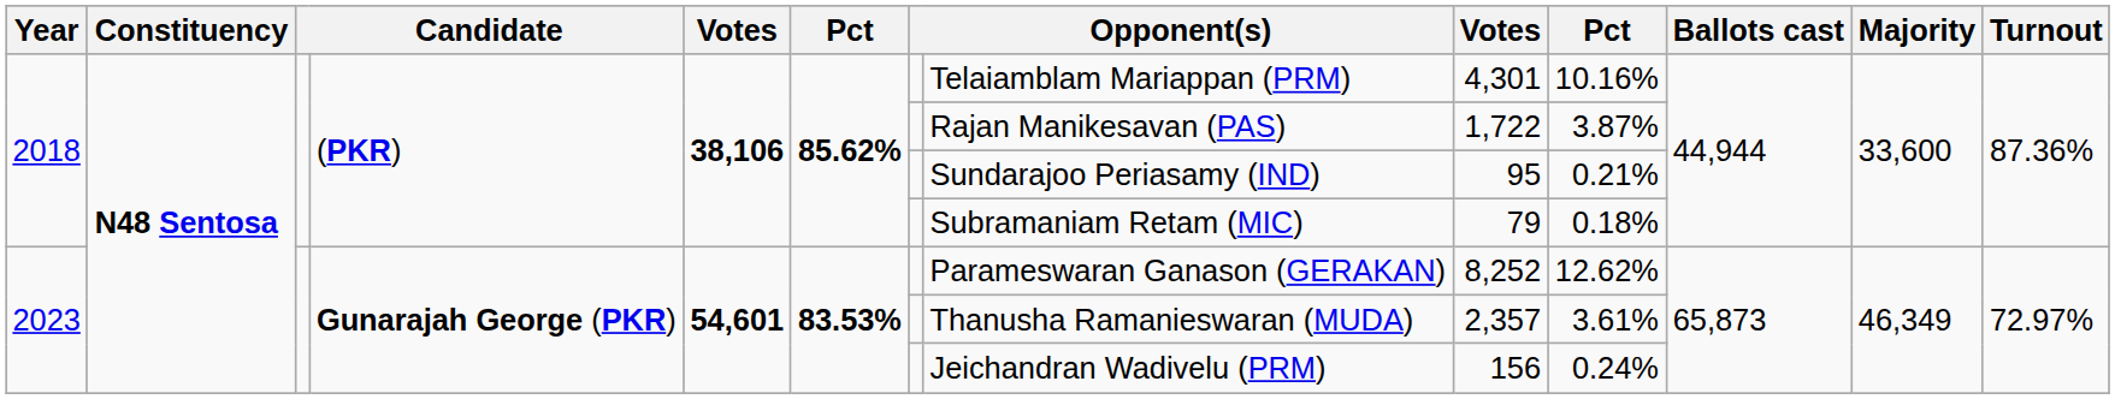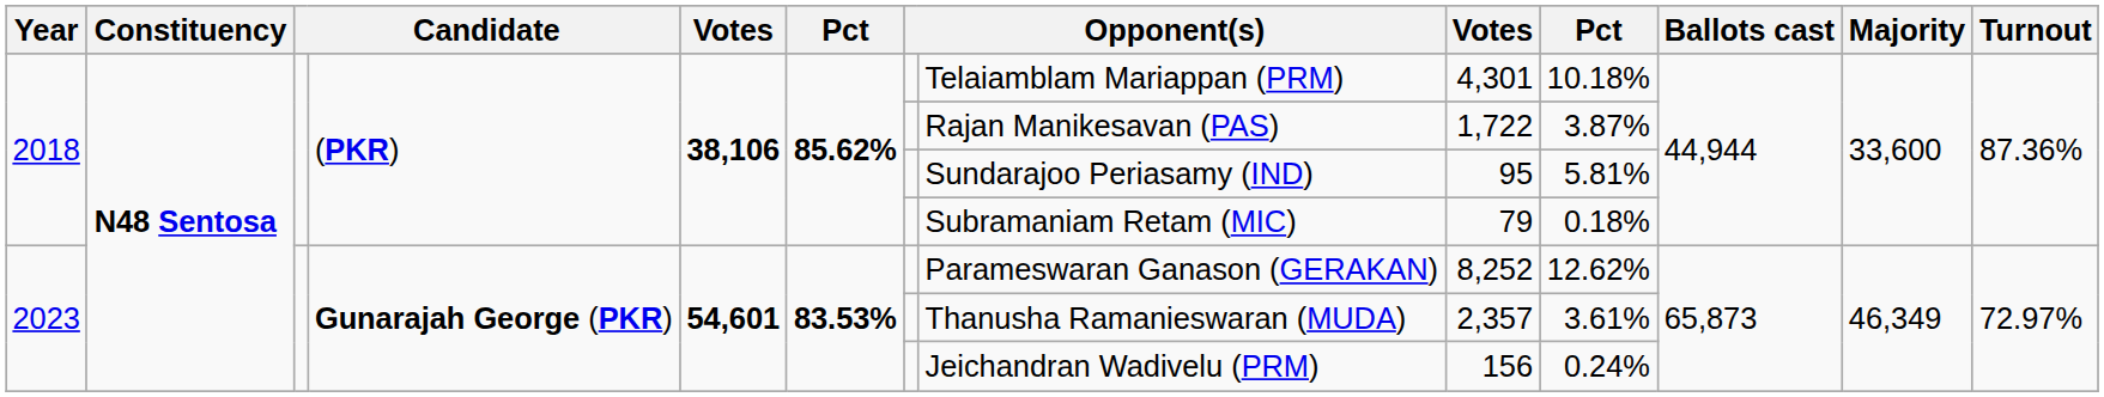 <table class="wikitable" style="margin:0.5em ; font-size:95%">
 <tr>
 <th>Year</th>
 <th>Constituency</th>
 <th colspan=2>Candidate</th>
 <th>Votes</th>
 <th>Pct</th>
 <th colspan=2>Opponent(s)</th>
 <th>Votes</th>
 <th>Pct</th>
 <th>Ballots cast</th>
 <th>Majority</th>
 <th>Turnout</th>
 </tr>
 <tr>
 <td rowspan=4><a href='#'>2018</a></td>
 <td rowspan=7><strong>N48 <a href='#'>Sentosa</a></strong></td>
 <td rowspan=4 ></td>
 <td rowspan=4> (<a href='#'><strong>PKR</strong></a>)</td>
 <td rowspan=4 align=right><strong>38,106</strong></td>
 <td rowspan=4><strong>85.62%</strong></td>
 <td></td>
 <td>Telaiamblam Mariappan (<a href='#'>PRM</a>)</td>
 <td align=right>4,301</td>
-<td>10.16%</td>
+<td>10.18%</td>
 <td rowspan=4>44,944</td>
 <td rowspan=4>33,600</td>
 <td rowspan=4>87.36%</td>
 </tr>
 <tr>
 <td></td>
 <td>Rajan Manikesavan (<a href='#'>PAS</a>)</td>
 <td align=right>1,722</td>
 <td align=right>3.87%</td>
 </tr>
 <tr>
 <td></td>
 <td>Sundarajoo Periasamy (<a href='#'>IND</a>)</td>
 <td align=right>95</td>
-<td align=right>0.21%</td>
+<td align=right>5.81%</td>
 </tr>
 <tr>
 <td bgcolor=></td>
 <td>Subramaniam Retam (<a href='#'>MIC</a>)</td>
 <td align=right>79</td>
 <td align=right>0.18%</td>
 </tr>
 <tr>
 <td rowspan=3><a href='#'>2023</a></td>
 <td rowspan=3 ></td>
 <td rowspan=3><strong>Gunarajah George</strong> (<a href='#'><strong>PKR</strong></a>)</td>
 <td rowspan=3 align=right><strong>54,601</strong></td>
 <td rowspan=3><strong>83.53%</strong></td>
 <td bgcolor=></td>
 <td>Parameswaran Ganason (<a href='#'>GERAKAN</a>)</td>
 <td align=right>8,252</td>
 <td>12.62%</td>
 <td rowspan=3>65,873</td>
 <td rowspan=3>46,349</td>
 <td rowspan=3>72.97%</td>
 </tr>
 <tr>
 <td bgcolor=></td>
 <td>Thanusha Ramanieswaran (<a href='#'>MUDA</a>)</td>
 <td align=right>2,357</td>
 <td align=right>3.61%</td>
 </tr>
 <tr>
 <td bgcolor=></td>
 <td>Jeichandran Wadivelu (<a href='#'>PRM</a>)</td>
 <td align=right>156</td>
 <td align=right>0.24%</td>
 </tr>
 </table>
